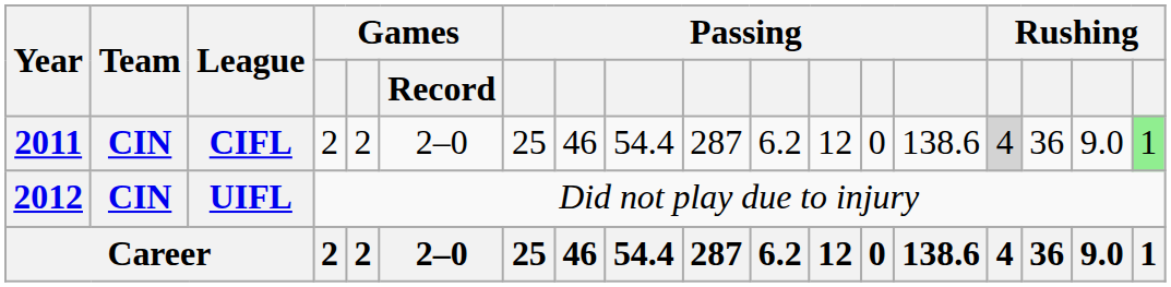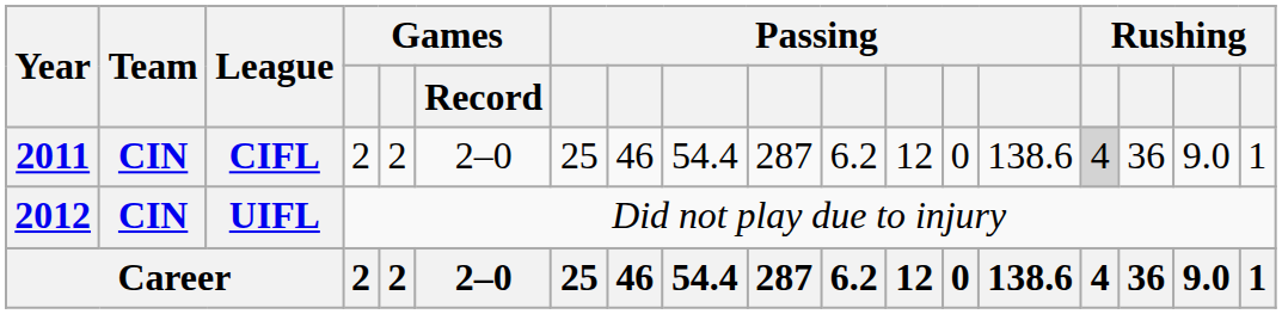 <table class="wikitable" style="text-align:center;">
 <tr>
 <th rowspan="2">Year</th>
 <th rowspan="2">Team</th>
 <th rowspan="2">League</th>
 <th colspan="3">Games</th>
 <th colspan="8">Passing</th>
 <th colspan="4">Rushing</th>
 </tr>
 <tr>
 <th></th>
 <th></th>
 <th>Record</th>
 <th></th>
 <th></th>
 <th></th>
 <th></th>
 <th></th>
 <th></th>
 <th></th>
 <th></th>
 <th></th>
 <th></th>
 <th></th>
 <th></th>
 </tr>
 <tr>
 <th><a href='#'>2011</a></th>
 <th><a href='#'>CIN</a></th>
 <th><a href='#'>CIFL</a></th>
 <td>2</td>
 <td>2</td>
 <td>2–0</td>
 <td>25</td>
 <td>46</td>
 <td>54.4</td>
 <td>287</td>
 <td>6.2</td>
 <td>12</td>
 <td>0</td>
 <td>138.6</td>
 <td style="background: lightgrey;">4</td>
 <td>36</td>
 <td>9.0</td>
-<td style="background: lightgreen;">1</td>
+<td>1</td>
 </tr>
 <tr>
 <th><a href='#'>2012</a></th>
 <th><a href='#'>CIN</a></th>
 <th><a href='#'>UIFL</a></th>
 <td colspan="15"><em>Did not play due to injury</em></td>
 </tr>
 <tr>
 <th colspan="3">Career</th>
 <th>2</th>
 <th>2</th>
 <th>2–0</th>
 <th>25</th>
 <th>46</th>
 <th>54.4</th>
 <th>287</th>
 <th>6.2</th>
 <th>12</th>
 <th>0</th>
 <th>138.6</th>
 <th>4</th>
 <th>36</th>
 <th>9.0</th>
 <th>1</th>
 </tr>
 </table>
